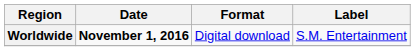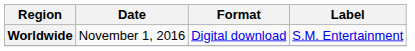 <table class="wikitable plainrowheaders">
 <tr>
 <th>Region</th>
 <th>Date</th>
 <th>Format</th>
 <th>Label</th>
 </tr>
 <tr>
 <th scope=row>Worldwide</th>
-<td><strong>November 1, 2016</strong></td>
+<td>November 1, 2016</td>
 <td><a href='#'>Digital download</a></td>
 <td><a href='#'>S.M. Entertainment</a></td>
 </tr>
 <tr>
 </tr>
 </table>
